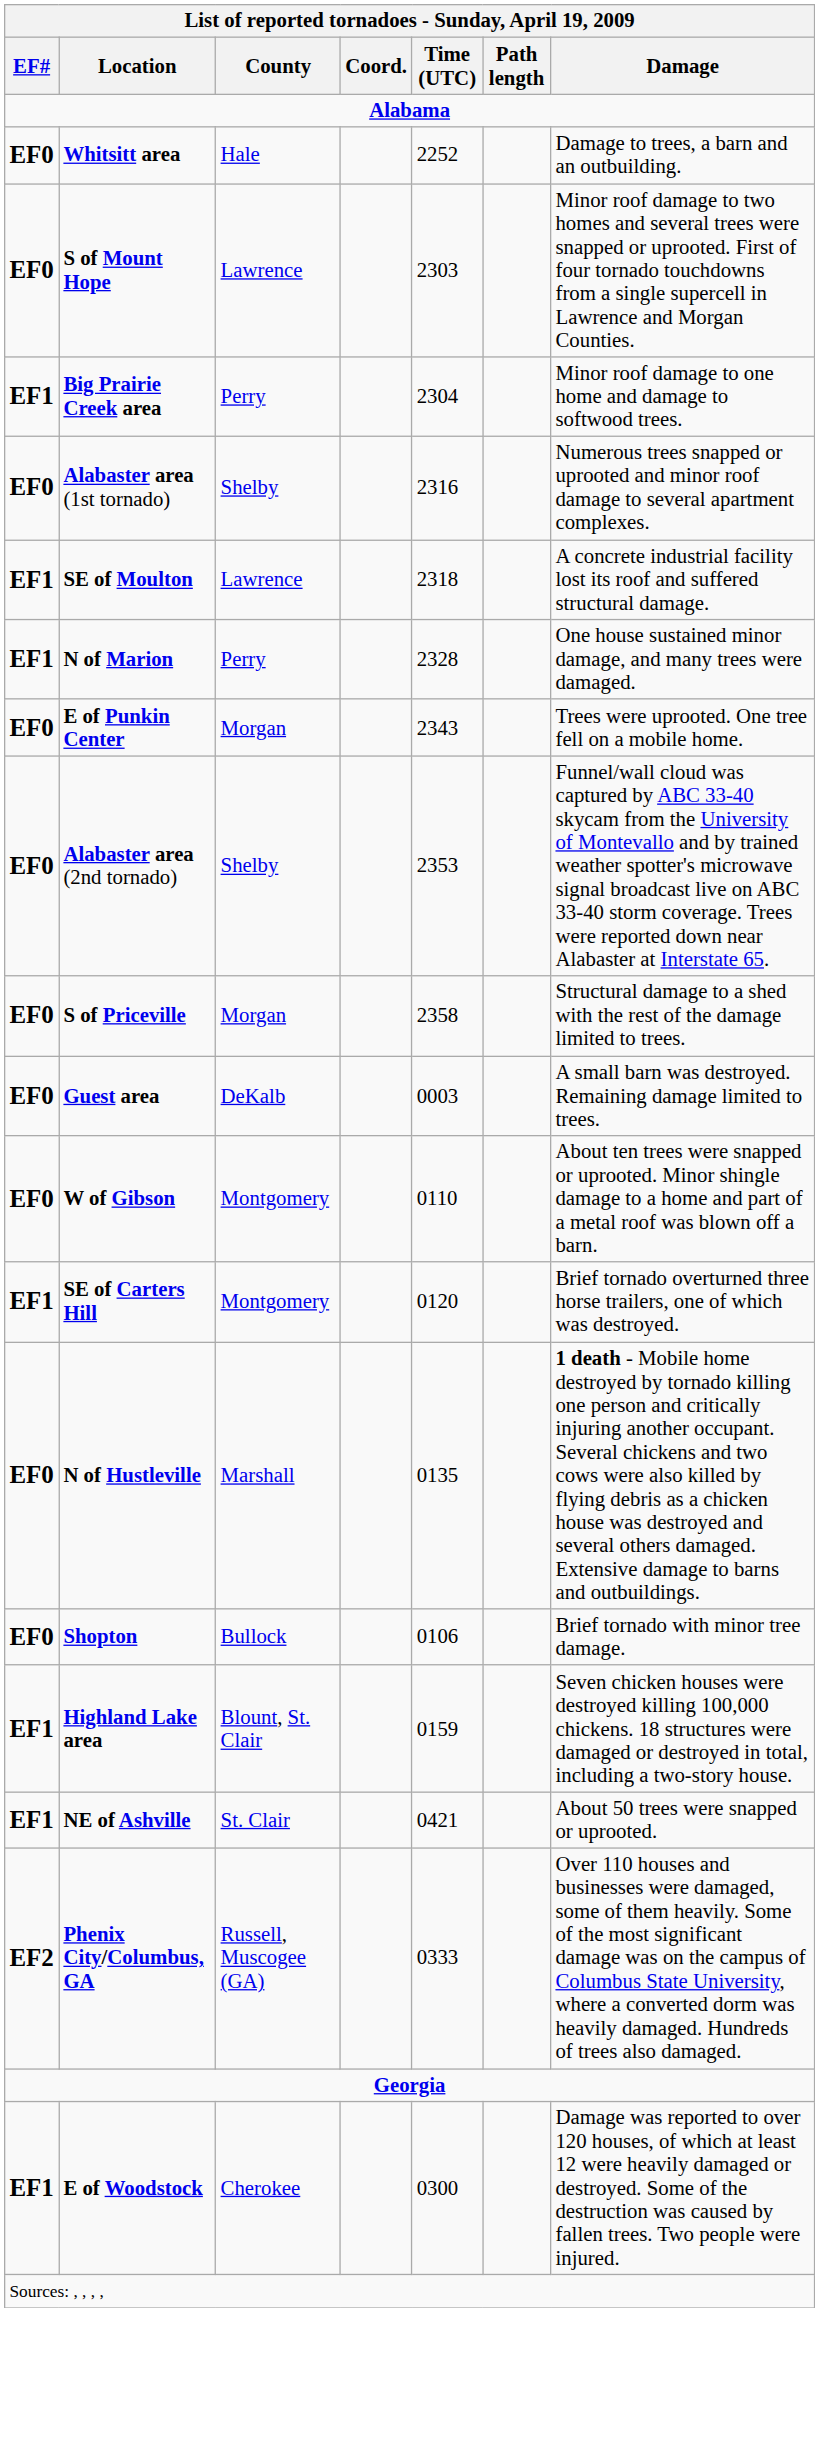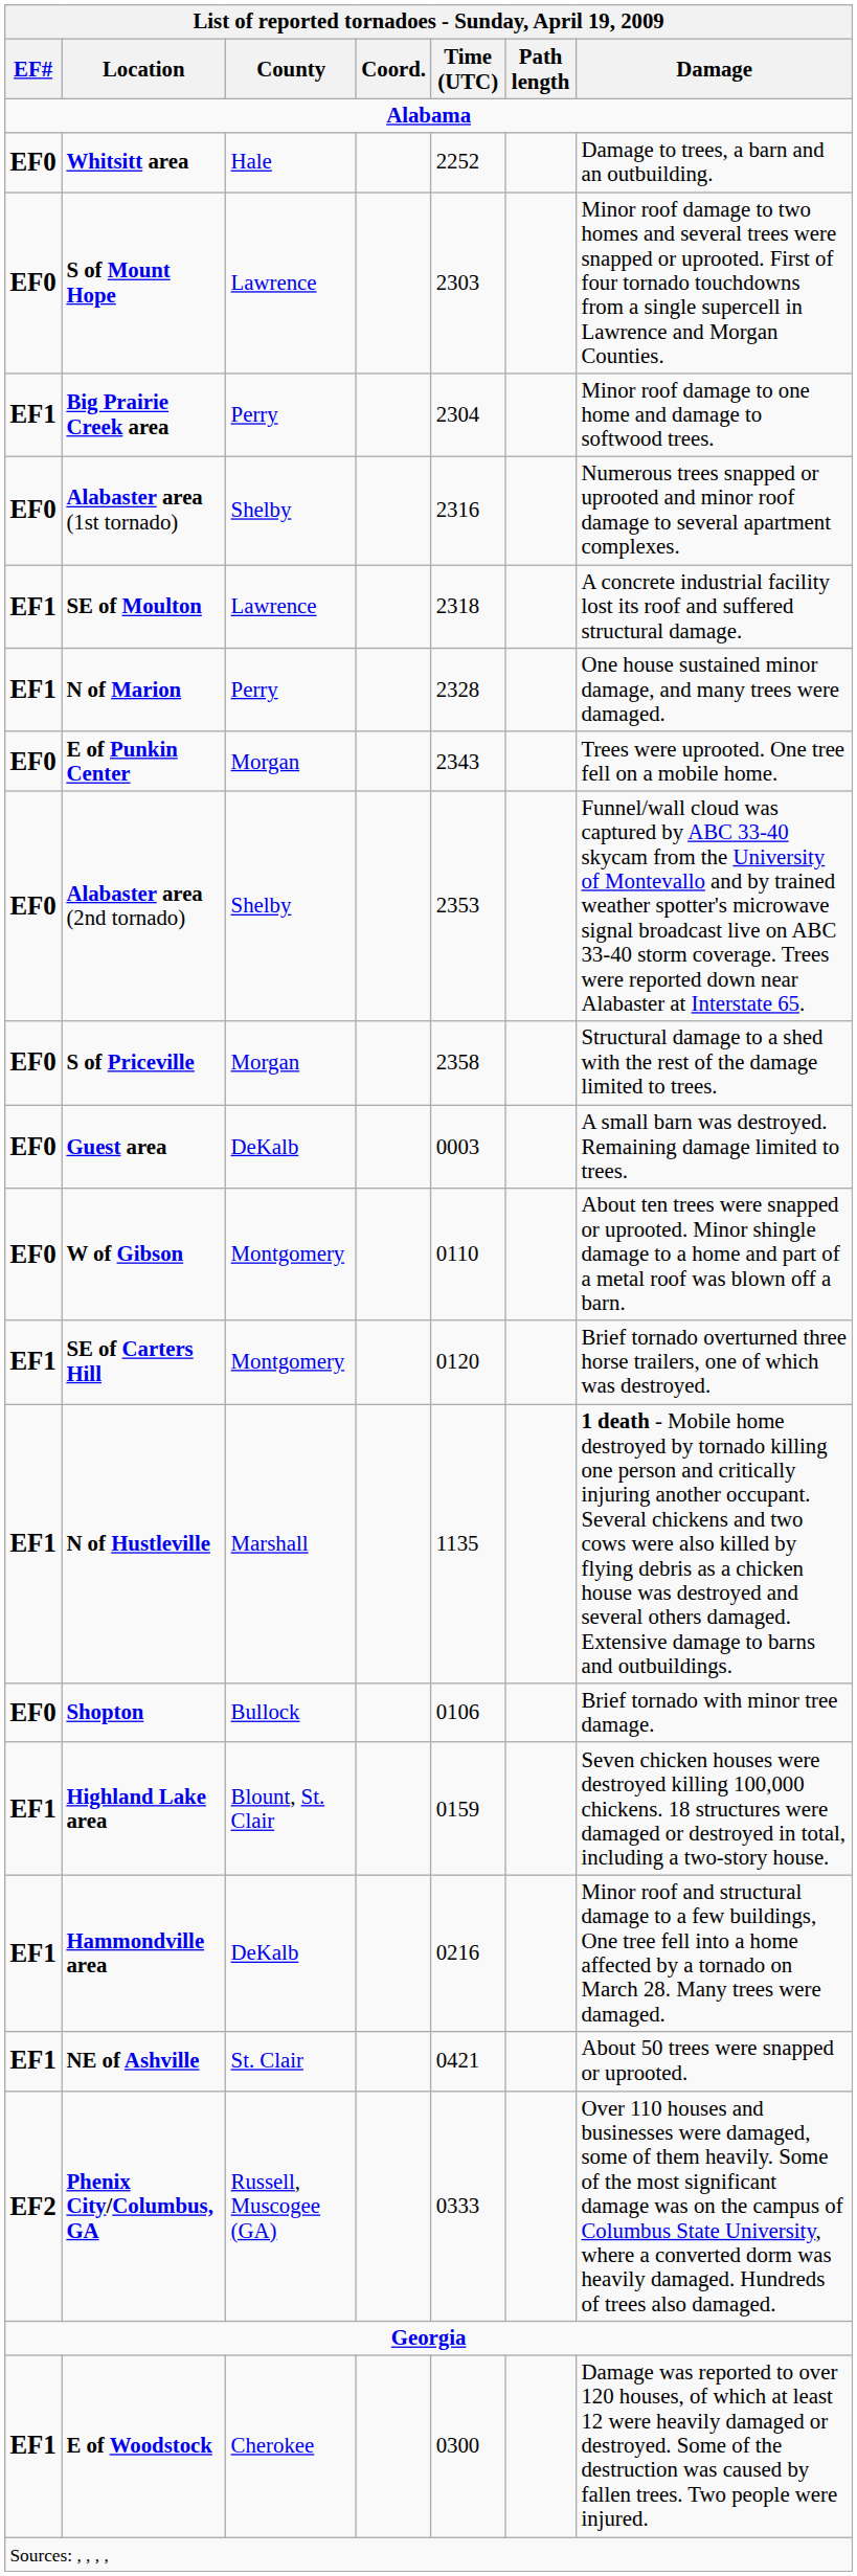 <table class="wikitable collapsible" width="100%">
 <tr>
 <th colspan="7">List of reported tornadoes - Sunday, April 19, 2009</th>
 </tr>
 <tr>
 <th><a href='#'>EF#</a></th>
 <th>Location</th>
 <th>County</th>
 <th>Coord.</th>
 <th>Time (UTC)</th>
 <th>Path length</th>
 <th>Damage</th>
 </tr>
 <tr>
 <td colspan="7" align=center><strong><a href='#'>Alabama</a></strong></td>
 </tr>
 <tr>
 <td><big><strong>EF0</strong></big></td>
 <td><strong><a href='#'>Whitsitt</a> area</strong></td>
 <td><a href='#'>Hale</a></td>
 <td></td>
 <td>2252</td>
 <td></td>
 <td>Damage to trees, a barn and an outbuilding.</td>
 </tr>
 <tr>
 <td><big><strong>EF0</strong></big></td>
 <td><strong>S of <a href='#'>Mount Hope</a></strong></td>
 <td><a href='#'>Lawrence</a></td>
 <td></td>
 <td>2303</td>
 <td></td>
 <td>Minor roof damage to two homes and several trees were snapped or uprooted. First of four tornado touchdowns from a single supercell in Lawrence and Morgan Counties.</td>
 </tr>
 <tr>
 <td><big><strong>EF1</strong></big></td>
 <td><strong><a href='#'>Big Prairie Creek</a> area</strong></td>
 <td><a href='#'>Perry</a></td>
 <td></td>
 <td>2304</td>
 <td></td>
 <td>Minor roof damage to one home and damage to softwood trees.</td>
 </tr>
 <tr>
 <td><big><strong>EF0</strong></big></td>
 <td><strong><a href='#'>Alabaster</a> area</strong> (1st tornado)</td>
 <td><a href='#'>Shelby</a></td>
 <td></td>
 <td>2316</td>
 <td></td>
 <td>Numerous trees snapped or uprooted and minor roof damage to several apartment complexes.</td>
 </tr>
 <tr>
 <td><big><strong>EF1</strong></big></td>
 <td><strong>SE of <a href='#'>Moulton</a></strong></td>
 <td><a href='#'>Lawrence</a></td>
 <td></td>
 <td>2318</td>
 <td></td>
 <td>A concrete industrial facility lost its roof and suffered structural damage.</td>
 </tr>
 <tr>
 <td><big><strong>EF1</strong></big></td>
 <td><strong>N of <a href='#'>Marion</a></strong></td>
 <td><a href='#'>Perry</a></td>
 <td></td>
 <td>2328</td>
 <td></td>
 <td>One house sustained minor damage, and many trees were damaged.</td>
 </tr>
 <tr>
 <td><big><strong>EF0</strong></big></td>
 <td><strong>E of <a href='#'>Punkin Center</a></strong></td>
 <td><a href='#'>Morgan</a></td>
 <td></td>
 <td>2343</td>
 <td></td>
 <td>Trees were uprooted. One tree fell on a mobile home.</td>
 </tr>
 <tr>
 <td><big><strong>EF0</strong></big></td>
 <td><strong><a href='#'>Alabaster</a> area</strong> (2nd tornado)</td>
 <td><a href='#'>Shelby</a></td>
 <td></td>
 <td>2353</td>
 <td></td>
 <td>Funnel/wall cloud was captured by <a href='#'>ABC 33-40</a> skycam from the <a href='#'>University of Montevallo</a> and by trained weather spotter's microwave signal broadcast live on ABC 33-40 storm coverage. Trees were reported down near Alabaster at <a href='#'>Interstate 65</a>.</td>
 </tr>
 <tr>
 <td><big><strong>EF0</strong></big></td>
 <td><strong>S of <a href='#'>Priceville</a></strong></td>
 <td><a href='#'>Morgan</a></td>
 <td></td>
 <td>2358</td>
 <td></td>
 <td>Structural damage to a shed with the rest of the damage limited to trees.</td>
 </tr>
 <tr>
 <td><big><strong>EF0</strong></big></td>
 <td><strong><a href='#'>Guest</a> area</strong></td>
 <td><a href='#'>DeKalb</a></td>
 <td></td>
 <td>0003</td>
 <td></td>
 <td>A small barn was destroyed. Remaining damage limited to trees.</td>
 </tr>
 <tr>
 <td><big><strong>EF0</strong></big></td>
 <td><strong>W of <a href='#'>Gibson</a></strong></td>
 <td><a href='#'>Montgomery</a></td>
 <td></td>
 <td>0110</td>
 <td></td>
 <td>About ten trees were snapped or uprooted. Minor shingle damage to a home and part of a metal roof was blown off a barn.</td>
 </tr>
 <tr>
 <td><big><strong>EF1</strong></big></td>
 <td><strong>SE of <a href='#'>Carters Hill</a></strong></td>
 <td><a href='#'>Montgomery</a></td>
 <td></td>
 <td>0120</td>
 <td></td>
 <td>Brief tornado overturned three horse trailers, one of which was destroyed.</td>
 </tr>
 <tr>
-<td><big><strong>EF0</strong></big></td>
+<td><big><strong>EF1</strong></big></td>
 <td><strong>N of <a href='#'>Hustleville</a></strong></td>
 <td><a href='#'>Marshall</a></td>
 <td></td>
-<td>0135</td>
+<td>1135</td>
 <td></td>
 <td><strong>1 death</strong> - Mobile home destroyed by tornado killing one person and critically injuring another occupant. Several chickens and two cows were also killed by flying debris as a chicken house was destroyed and several others damaged. Extensive damage to barns and outbuildings.</td>
 </tr>
 <tr>
 <td><big><strong>EF0</strong></big></td>
 <td><strong><a href='#'>Shopton</a></strong></td>
 <td><a href='#'>Bullock</a></td>
 <td></td>
 <td>0106</td>
 <td></td>
 <td>Brief tornado with minor tree damage.</td>
 </tr>
 <tr>
 <td><big><strong>EF1</strong></big></td>
 <td><strong><a href='#'>Highland Lake</a> area</strong></td>
 <td><a href='#'>Blount</a>, <a href='#'>St. Clair</a></td>
 <td></td>
 <td>0159</td>
 <td></td>
 <td>Seven chicken houses were destroyed killing 100,000 chickens. 18 structures were damaged or destroyed in total, including a two-story house.</td>
+</tr>
+<tr>
+<td><big><strong>EF1</strong></big></td>
+<td><strong><a href='#'>Hammondville</a> area</strong></td>
+<td><a href='#'>DeKalb</a></td>
+<td></td>
+<td>0216</td>
+<td></td>
+<td>Minor roof and structural damage to a few buildings, One tree fell into a home affected by a tornado on March 28. Many trees were damaged.</td>
 </tr>
 <tr>
 <td><big><strong>EF1</strong></big></td>
 <td><strong>NE of <a href='#'>Ashville</a></strong></td>
 <td><a href='#'>St. Clair</a></td>
 <td></td>
 <td>0421</td>
 <td></td>
 <td>About 50 trees were snapped or uprooted.</td>
 </tr>
 <tr>
 <td><big><strong>EF2</strong></big></td>
 <td><strong><a href='#'>Phenix City</a>/<a href='#'>Columbus, GA</a></strong></td>
 <td><a href='#'>Russell</a>, <a href='#'>Muscogee (GA)</a></td>
 <td></td>
 <td>0333</td>
 <td></td>
 <td>Over 110 houses and businesses were damaged, some of them heavily. Some of the most significant damage was on the campus of <a href='#'>Columbus State University</a>, where a converted dorm was heavily damaged. Hundreds of trees also damaged.</td>
 </tr>
 <tr>
 <td colspan="7" align=center><strong><a href='#'>Georgia</a></strong></td>
 </tr>
 <tr>
 <td><big><strong>EF1</strong></big></td>
 <td><strong>E of <a href='#'>Woodstock</a></strong></td>
 <td><a href='#'>Cherokee</a></td>
 <td></td>
 <td>0300</td>
 <td></td>
 <td>Damage was reported to over 120 houses, of which at least 12 were heavily damaged or destroyed. Some of the destruction was caused by fallen trees. Two people were injured.</td>
 </tr>
 <tr>
 <td colspan="7"><small>Sources: , , , , </small></td>
 </tr>
 <tr>
 </tr>
 </table>
